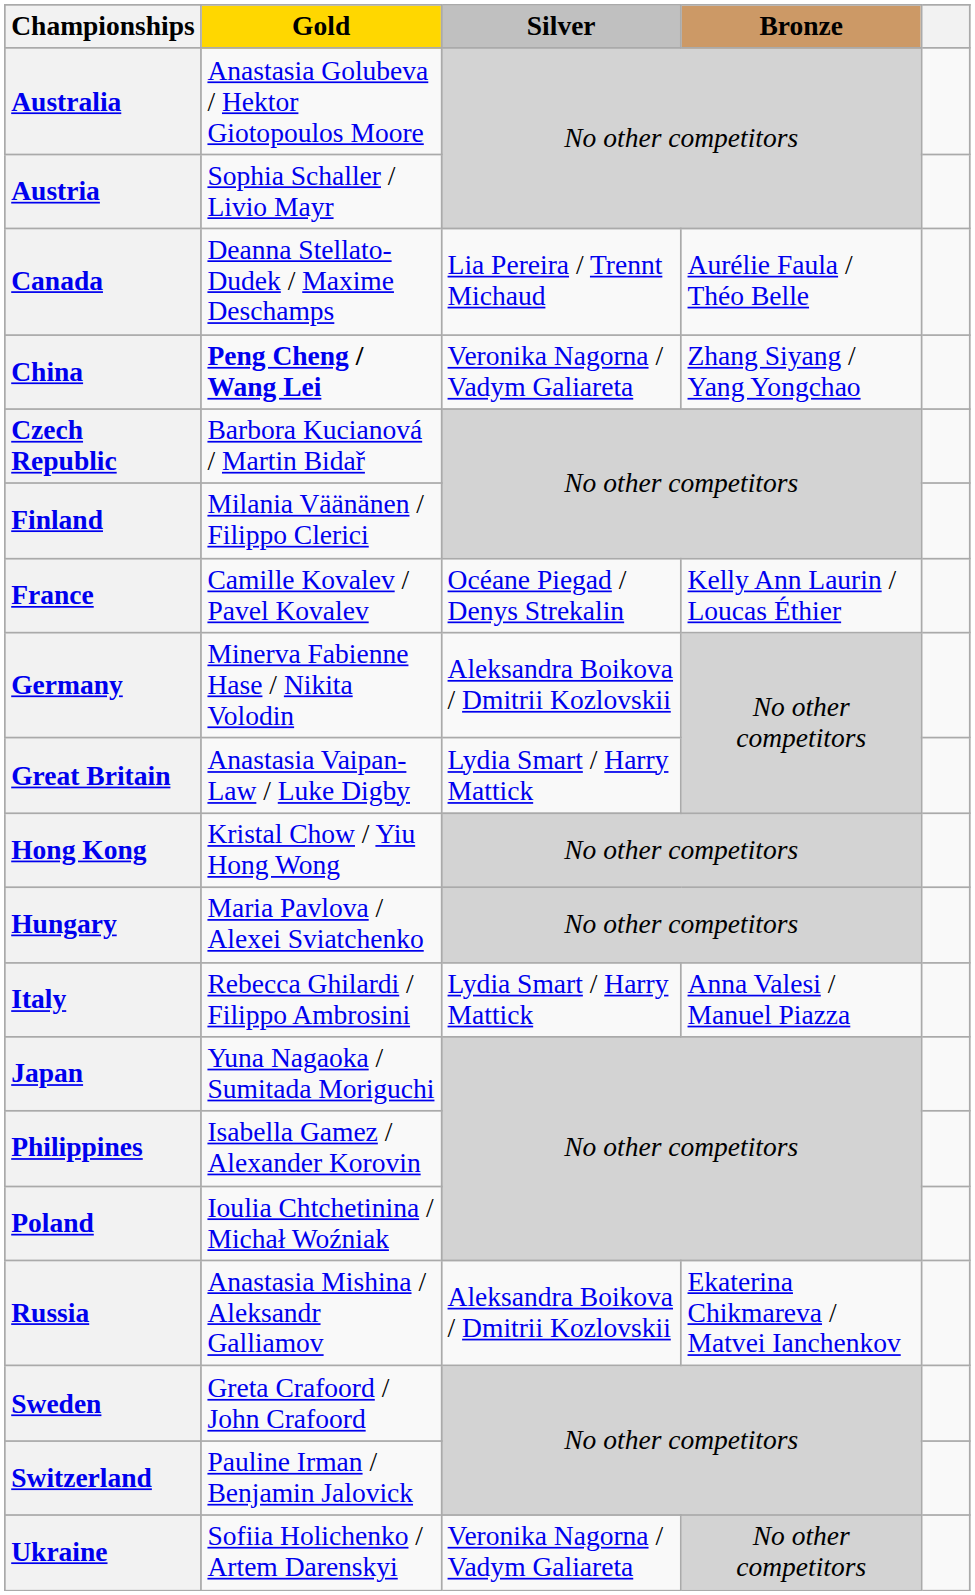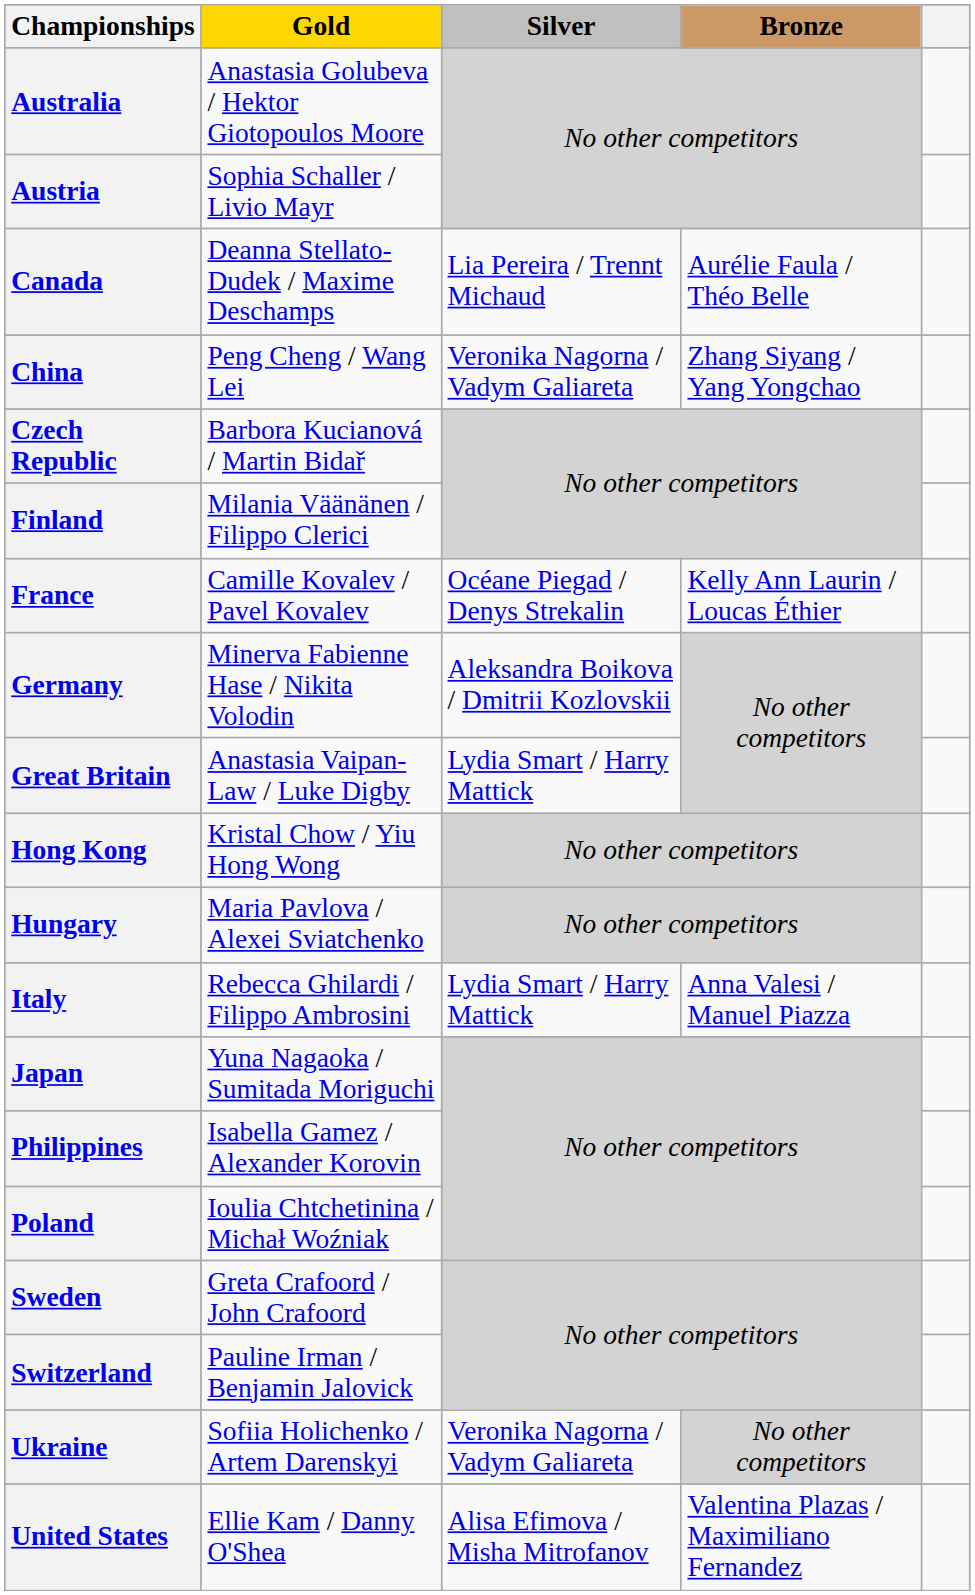 <table class="wikitable unsortable" style="text-align:left; width:90%;">
 <tr>
 <th scope="col" style="text-align:center; width:20%;">Championships</th>
 <td scope="col" style="text-align:center; width:25%; background:gold"><strong>Gold</strong></td>
 <td scope="col" style="text-align:center; width:25%; background:silver"><strong>Silver</strong></td>
 <td scope="col" style="text-align:center; width:25%; background:#c96"><strong>Bronze</strong></td>
 <th scope="col" style="text-align:center; width:5%;"></th>
 </tr>
 <tr>
 <th scope="row" style="text-align:left"> <a href='#'>Australia</a></th>
 <td><a href='#'>Anastasia Golubeva</a> / <a href='#'>Hektor Giotopoulos Moore</a></td>
 <td colspan="2" rowspan="2" align="center" bgcolor="lightgray"><em>No other competitors</em></td>
 <td></td>
 </tr>
 <tr>
 <th scope="row" style="text-align:left"> <a href='#'>Austria</a></th>
 <td><a href='#'>Sophia Schaller</a> / <a href='#'>Livio Mayr</a></td>
 <td></td>
 </tr>
 <tr>
 <th scope="row" style="text-align:left"> <a href='#'>Canada</a></th>
 <td><a href='#'>Deanna Stellato-Dudek</a> / <a href='#'>Maxime Deschamps</a></td>
 <td><a href='#'>Lia Pereira</a> / <a href='#'>Trennt Michaud</a></td>
 <td><a href='#'>Aurélie Faula</a> / <a href='#'>Théo Belle</a></td>
 <td></td>
 </tr>
 <tr>
 <th scope="row" style="text-align:left"> <a href='#'>China</a></th>
-<td><strong><a href='#'>Peng Cheng</a> / <a href='#'>Wang Lei</a></strong></td>
+<td><a href='#'>Peng Cheng</a> / <a href='#'>Wang Lei</a></td>
 <td><a href='#'>Veronika Nagorna</a> / <a href='#'>Vadym Galiareta</a></td>
 <td><a href='#'>Zhang Siyang</a> / <a href='#'>Yang Yongchao</a></td>
 <td></td>
 </tr>
 <tr>
 <th scope="row" style="text-align:left"> <a href='#'>Czech Republic</a></th>
 <td><a href='#'>Barbora Kucianová</a> / <a href='#'>Martin Bidař</a></td>
 <td colspan="2" rowspan="2" align="center" bgcolor="lightgray"><em>No other competitors</em></td>
 <td></td>
 </tr>
 <tr>
 <th scope="row" style="text-align:left"> <a href='#'>Finland</a></th>
 <td><a href='#'>Milania Väänänen</a> / <a href='#'>Filippo Clerici</a></td>
 <td></td>
 </tr>
 <tr>
 <th scope="row" style="text-align:left"> <a href='#'>France</a></th>
 <td><a href='#'>Camille Kovalev</a> / <a href='#'>Pavel Kovalev</a></td>
 <td><a href='#'>Océane Piegad</a> / <a href='#'>Denys Strekalin</a></td>
 <td><a href='#'>Kelly Ann Laurin</a> / <a href='#'>Loucas Éthier</a></td>
 <td></td>
 </tr>
 <tr>
 <th scope="row" style="text-align:left"> <a href='#'>Germany</a></th>
 <td><a href='#'>Minerva Fabienne Hase</a> / <a href='#'>Nikita Volodin</a></td>
 <td><a href='#'>Aleksandra Boikova</a> / <a href='#'>Dmitrii Kozlovskii</a></td>
 <td rowspan="2" align="center" bgcolor="lightgray"><em>No other competitors</em></td>
 <td></td>
 </tr>
 <tr>
 <th scope="row" style="text-align:left"> <a href='#'>Great Britain</a></th>
 <td><a href='#'>Anastasia Vaipan-Law</a> / <a href='#'>Luke Digby</a></td>
 <td><a href='#'>Lydia Smart</a> / <a href='#'>Harry Mattick</a></td>
 <td></td>
 </tr>
 <tr>
 <th scope="row" style="text-align:left"> <a href='#'>Hong Kong</a></th>
 <td><a href='#'>Kristal Chow</a> / <a href='#'>Yiu Hong Wong</a></td>
 <td colspan="2" align="center" bgcolor="lightgray"><em>No other competitors</em></td>
 <td></td>
 </tr>
 <tr>
 <th scope="row" style="text-align:left"> <a href='#'>Hungary</a></th>
 <td><a href='#'>Maria Pavlova</a> / <a href='#'>Alexei Sviatchenko</a></td>
 <td colspan="2" align="center" bgcolor="lightgray"><em>No other competitors</em></td>
 <td></td>
 </tr>
 <tr>
 <th scope="row" style="text-align:left"> <a href='#'>Italy</a></th>
 <td><a href='#'>Rebecca Ghilardi</a> / <a href='#'>Filippo Ambrosini</a></td>
 <td><a href='#'>Lydia Smart</a> / <a href='#'>Harry Mattick</a></td>
 <td><a href='#'>Anna Valesi</a> / <a href='#'>Manuel Piazza</a></td>
 <td></td>
 </tr>
 <tr>
 <th scope="row" style="text-align:left"> <a href='#'>Japan</a></th>
 <td><a href='#'>Yuna Nagaoka</a> / <a href='#'>Sumitada Moriguchi</a></td>
 <td colspan="2" rowspan="3" align="center" bgcolor="lightgray"><em>No other competitors</em></td>
 <td></td>
 </tr>
 <tr>
 <th scope="row" style="text-align:left"> <a href='#'>Philippines</a></th>
 <td><a href='#'>Isabella Gamez</a> / <a href='#'>Alexander Korovin</a></td>
 <td></td>
 </tr>
 <tr>
 <th scope="row" style="text-align:left"> <a href='#'>Poland</a></th>
 <td><a href='#'>Ioulia Chtchetinina</a> / <a href='#'>Michał Woźniak</a></td>
 <td></td>
 </tr>
 <tr>
-<th scope="row" style="text-align:left"> <a href='#'>Russia</a></th>
-<td><a href='#'>Anastasia Mishina</a> / <a href='#'>Aleksandr Galliamov</a></td>
-<td><a href='#'>Aleksandra Boikova</a> / <a href='#'>Dmitrii Kozlovskii</a></td>
-<td><a href='#'>Ekaterina Chikmareva</a> / <a href='#'>Matvei Ianchenkov</a></td>
-<td></td>
-</tr>
-<tr>
 <th scope="row" style="text-align:left"> <a href='#'>Sweden</a></th>
 <td><a href='#'>Greta Crafoord</a> / <a href='#'>John Crafoord</a></td>
 <td colspan="2" rowspan="2" align="center" bgcolor="lightgray"><em>No other competitors</em></td>
 <td></td>
 </tr>
 <tr>
 <th scope="row" style="text-align:left"> <a href='#'>Switzerland</a></th>
 <td><a href='#'>Pauline Irman</a> / <a href='#'>Benjamin Jalovick</a></td>
 <td></td>
 </tr>
 <tr>
 <th scope="row" style="text-align:left"> <a href='#'>Ukraine</a></th>
 <td><a href='#'>Sofiia Holichenko</a> / <a href='#'>Artem Darenskyi</a></td>
 <td><a href='#'>Veronika Nagorna</a> / <a href='#'>Vadym Galiareta</a></td>
 <td align="center" bgcolor="lightgray"><em>No other competitors</em></td>
 <td></td>
 </tr>
+<tr>
+<th scope="row" style="text-align:left"> <a href='#'>United States</a></th>
+<td><a href='#'>Ellie Kam</a> / <a href='#'>Danny O'Shea</a></td>
+<td><a href='#'>Alisa Efimova</a> / <a href='#'>Misha Mitrofanov</a></td>
+<td><a href='#'>Valentina Plazas</a> / <a href='#'>Maximiliano Fernandez</a></td>
+<td></td>
+</tr>
 </table>
